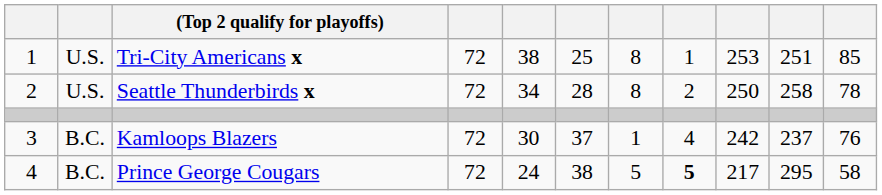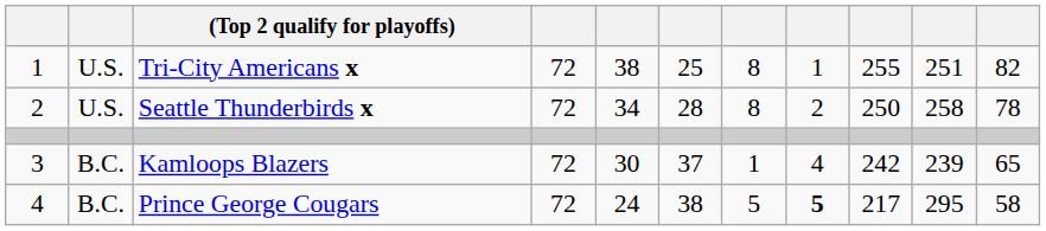 <table class="wikitable sortable">
 <tr>
 <th style="width:2em"></th>
 <th style="width:2em;"></th>
 <th style="width:15em;" class="unsortable"><small>(Top 2 qualify for playoffs)</small></th>
 <th style="width:2em;"></th>
 <th style="width:2em;"></th>
 <th style="width:2em;"></th>
 <th style="width:2em;"></th>
 <th style="width:2em;"></th>
 <th style="width:2em;"></th>
 <th style="width:2em;"></th>
 <th style="width:2em;"></th>
 </tr>
 <tr style="text-align: center;">
 <td>1</td>
 <td>U.S.</td>
 <td style="text-align:left;"><a href='#'>Tri-City Americans</a> <strong>x</strong></td>
 <td>72</td>
 <td>38</td>
 <td>25</td>
 <td>8</td>
 <td>1</td>
-<td>253</td>
+<td>255</td>
 <td>251</td>
-<td>85</td>
+<td>82</td>
 </tr>
 <tr style="text-align: center;">
 <td>2</td>
 <td>U.S.</td>
 <td style="text-align:left;"><a href='#'>Seattle Thunderbirds</a> <strong>x</strong></td>
 <td>72</td>
 <td>34</td>
 <td>28</td>
 <td>8</td>
 <td>2</td>
 <td>250</td>
 <td>258</td>
 <td>78</td>
 </tr>
 <tr style="color:#cccccc;background-color:#cccccc">
 <td style="height:2px"></td>
 <td></td>
 <td></td>
 <td></td>
 <td></td>
 <td></td>
 <td></td>
 <td></td>
 <td></td>
 <td></td>
 <td></td>
 </tr>
 <tr style="text-align: center;">
 <td>3</td>
 <td>B.C.</td>
 <td style="text-align:left;"><a href='#'>Kamloops Blazers</a></td>
 <td>72</td>
 <td>30</td>
 <td>37</td>
 <td>1</td>
 <td>4</td>
 <td>242</td>
-<td>237</td>
-<td>76</td>
+<td>239</td>
+<td>65</td>
 </tr>
 <tr style="font-weight: ; text-align: center;">
 <td>4</td>
 <td>B.C.</td>
 <td style="text-align:left;"><a href='#'>Prince George Cougars</a></td>
 <td>72</td>
 <td>24</td>
 <td>38</td>
 <td>5</td>
 <td><strong>5</strong></td>
 <td>217</td>
 <td>295</td>
 <td>58</td>
 </tr>
 </table>
